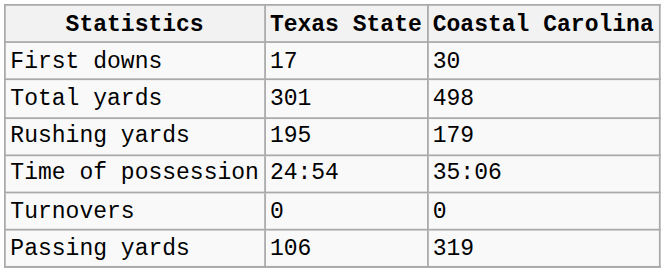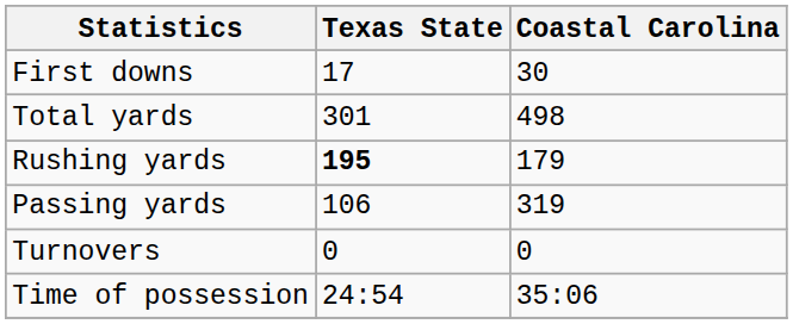 <table class="wikitable">
 <tr>
 <th>Statistics</th>
 <th>Texas State</th>
 <th>Coastal Carolina</th>
 </tr>
 <tr>
 <td>First downs</td>
 <td>17</td>
 <td>30</td>
 </tr>
 <tr>
 <td>Total yards</td>
 <td>301</td>
 <td>498</td>
 </tr>
 <tr>
 <td>Rushing yards</td>
-<td>195</td>
+<td><strong>195</strong></td>
 <td>179</td>
+</tr>
+<tr>
+<td>Passing yards</td>
+<td>106</td>
+<td>319</td>
+</tr>
+<tr>
+<td>Turnovers</td>
+<td>0</td>
+<td>0</td>
 </tr>
 <tr>
 <td>Time of possession</td>
 <td>24:54</td>
 <td>35:06</td>
 </tr>
 <tr>
-<td>Turnovers</td>
-<td>0</td>
-<td>0</td>
-</tr>
-<tr>
-<td>Passing yards</td>
-<td>106</td>
-<td>319</td>
-</tr>
-<tr>
 </tr>
 </table>
